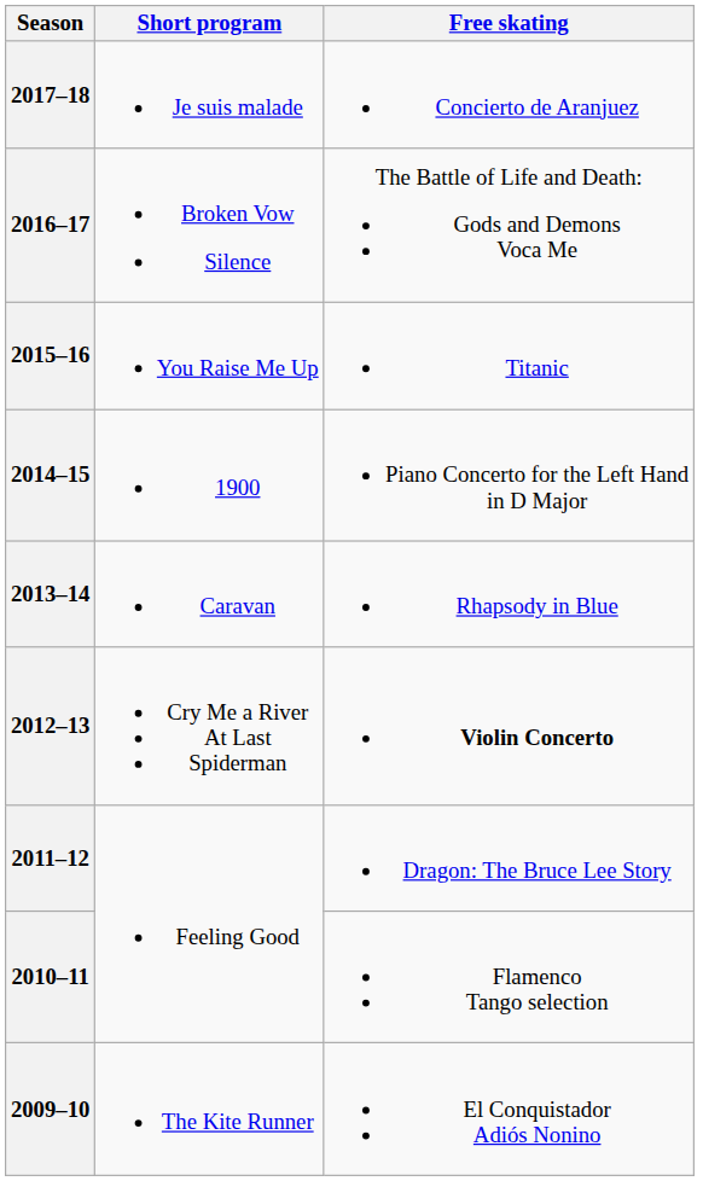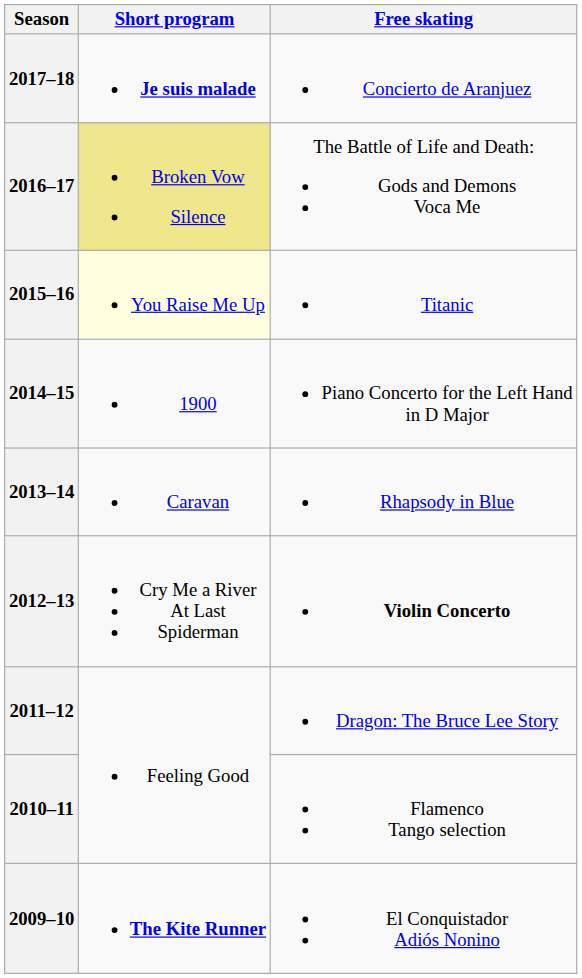 <table class="wikitable" style="text-align:center">
 <tr>
 <th>Season</th>
 <th><a href='#'>Short program</a></th>
 <th><a href='#'>Free skating</a></th>
 </tr>
 <tr>
 <th>2017–18 <br> </th>
-<td><br><ul><li><a href='#'>Je suis malade</a> <br></li></ul></td>
+<td><strong><br><ul><li><a href='#'>Je suis malade</a> <br></li></ul></strong></td>
 <td><br><ul><li><a href='#'>Concierto de Aranjuez</a> <br></li></ul></td>
 </tr>
 <tr>
 <th>2016–17 <br> </th>
-<td><br><ul><li><a href='#'>Broken Vow</a> <br></li></ul><ul><li><a href='#'>Silence</a> <br></li></ul></td>
+<td style="background: khaki;"><br><ul><li><a href='#'>Broken Vow</a> <br></li></ul><ul><li><a href='#'>Silence</a> <br></li></ul></td>
 <td>The Battle of Life and Death:<br><ul><li>Gods and Demons <br></li><li>Voca Me <br></li></ul></td>
 </tr>
 <tr>
 <th>2015–16 <br> </th>
-<td><br><ul><li><a href='#'>You Raise Me Up</a> <br></li></ul></td>
+<td style="background: lightyellow;"><br><ul><li><a href='#'>You Raise Me Up</a> <br></li></ul></td>
 <td><br><ul><li><a href='#'>Titanic</a> <br></li></ul></td>
 </tr>
 <tr>
 <th>2014–15 <br> </th>
 <td><br><ul><li><a href='#'>1900</a> <br></li></ul></td>
 <td><br><ul><li>Piano Concerto for the Left Hand <br>in D Major <br></li></ul></td>
 </tr>
 <tr>
 <th>2013–14 <br> </th>
 <td><br><ul><li><a href='#'>Caravan</a> <br></li></ul></td>
 <td><br><ul><li><a href='#'>Rhapsody in Blue</a> <br></li></ul></td>
 </tr>
 <tr>
 <th>2012–13 <br> </th>
 <td><br><ul><li>Cry Me a River <br></li><li>At Last <br></li><li>Spiderman <br></li></ul></td>
 <td><strong><br><ul><li>Violin Concerto <br></li></ul></strong></td>
 </tr>
 <tr>
 <th>2011–12 <br> </th>
 <td rowspan=2><br><ul><li>Feeling Good <br></li></ul></td>
 <td><br><ul><li><a href='#'>Dragon: The Bruce Lee Story</a> <br></li></ul></td>
 </tr>
 <tr>
 <th>2010–11 <br> </th>
 <td><br><ul><li>Flamenco <br></li><li>Tango selection <br></li></ul></td>
 </tr>
 <tr>
 <th>2009–10 <br> </th>
-<td><br><ul><li><a href='#'>The Kite Runner</a> <br></li></ul></td>
+<td><strong><br><ul><li><a href='#'>The Kite Runner</a> <br></li></ul></strong></td>
 <td><br><ul><li>El Conquistador <br></li><li><a href='#'>Adiós Nonino</a> <br></li></ul></td>
 </tr>
 </table>
